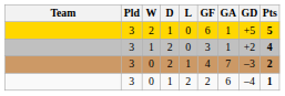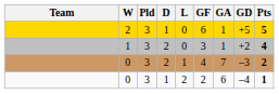 <table class="wikitable" style="text-align: center;">
 <tr>
 <th width=165>Team</th>
+<th width=20>W</th>
 <th width=20>Pld</th>
-<th width=20>W</th>
 <th width=20>D</th>
 <th width=20>L</th>
 <th width=20>GF</th>
 <th width=20>GA</th>
 <th width=20>GD</th>
 <th width=20>Pts</th>
 </tr>
 <tr bgcolor=gold>
 <td align=left><strong></strong></td>
+<td>2</td>
 <td>3</td>
-<td>2</td>
 <td>1</td>
 <td>0</td>
 <td>6</td>
 <td>1</td>
 <td>+5</td>
 <td><strong>5</strong></td>
 </tr>
 <tr bgcolor=silver>
 <td align=left></td>
+<td>1</td>
 <td>3</td>
-<td>1</td>
 <td>2</td>
 <td>0</td>
 <td>3</td>
 <td>1</td>
 <td>+2</td>
 <td><strong>4</strong></td>
 </tr>
 <tr bgcolor="#cc9966">
 <td align=left></td>
+<td>0</td>
 <td>3</td>
-<td>0</td>
 <td>2</td>
 <td>1</td>
 <td>4</td>
 <td>7</td>
 <td>–3</td>
 <td><strong>2</strong></td>
 </tr>
 <tr>
 <td align=left></td>
+<td>0</td>
 <td>3</td>
-<td>0</td>
 <td>1</td>
 <td>2</td>
 <td>2</td>
 <td>6</td>
 <td>–4</td>
 <td><strong>1</strong></td>
 </tr>
 </table>
